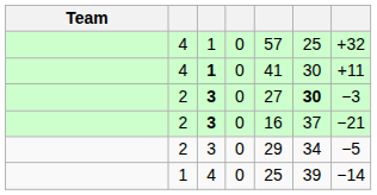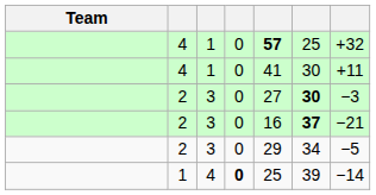 <table class="wikitable" style="text-align:center">
 <tr>
 <th width=150>Team</th>
 <th width=20></th>
 <th width=20></th>
 <th width=20></th>
 <th width=30></th>
 <th width=30></th>
 <th width=30></th>
 </tr>
 <tr bgcolor="#ccffcc">
 <td align="left"></td>
 <td>4</td>
 <td>1</td>
 <td>0</td>
-<td>57</td>
+<td><strong>57</strong></td>
 <td>25</td>
 <td>+32</td>
 </tr>
 <tr bgcolor="#ccffcc">
 <td align="left"></td>
 <td>4</td>
-<td><strong>1</strong></td>
+<td>1</td>
 <td>0</td>
 <td>41</td>
 <td>30</td>
 <td>+11</td>
 </tr>
 <tr bgcolor="#ccffcc">
 <td align="left"></td>
 <td>2</td>
-<td><strong>3</strong></td>
+<td>3</td>
 <td>0</td>
 <td>27</td>
 <td><strong>30</strong></td>
 <td>−3</td>
 </tr>
 <tr bgcolor="#ccffcc">
 <td align="left"></td>
 <td>2</td>
-<td><strong>3</strong></td>
+<td>3</td>
 <td>0</td>
 <td>16</td>
-<td>37</td>
+<td><strong>37</strong></td>
 <td>−21</td>
 </tr>
 <tr bgcolor=>
 <td align="left"></td>
 <td>2</td>
 <td>3</td>
 <td>0</td>
 <td>29</td>
 <td>34</td>
 <td>−5</td>
 </tr>
 <tr bgcolor=>
 <td align="left"></td>
 <td>1</td>
 <td>4</td>
-<td>0</td>
+<td><strong>0</strong></td>
 <td>25</td>
 <td>39</td>
 <td>−14</td>
 </tr>
 </table>
